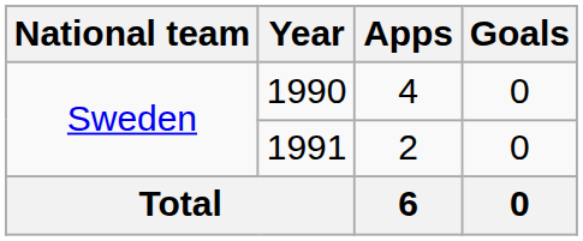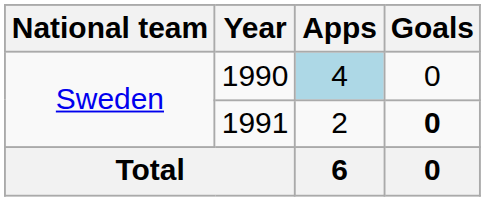 <table class="wikitable" style="text-align:center">
 <tr>
 <th>National team</th>
 <th>Year</th>
 <th>Apps</th>
 <th>Goals</th>
 </tr>
 <tr>
 <td rowspan="2"><a href='#'>Sweden</a></td>
 <td>1990</td>
-<td>4</td>
+<td style="background: lightblue;">4</td>
 <td>0</td>
 </tr>
 <tr>
 <td>1991</td>
 <td>2</td>
-<td>0</td>
+<td><strong>0</strong></td>
 </tr>
 <tr>
 <th colspan="2">Total</th>
 <th>6</th>
 <th>0</th>
 </tr>
 </table>
